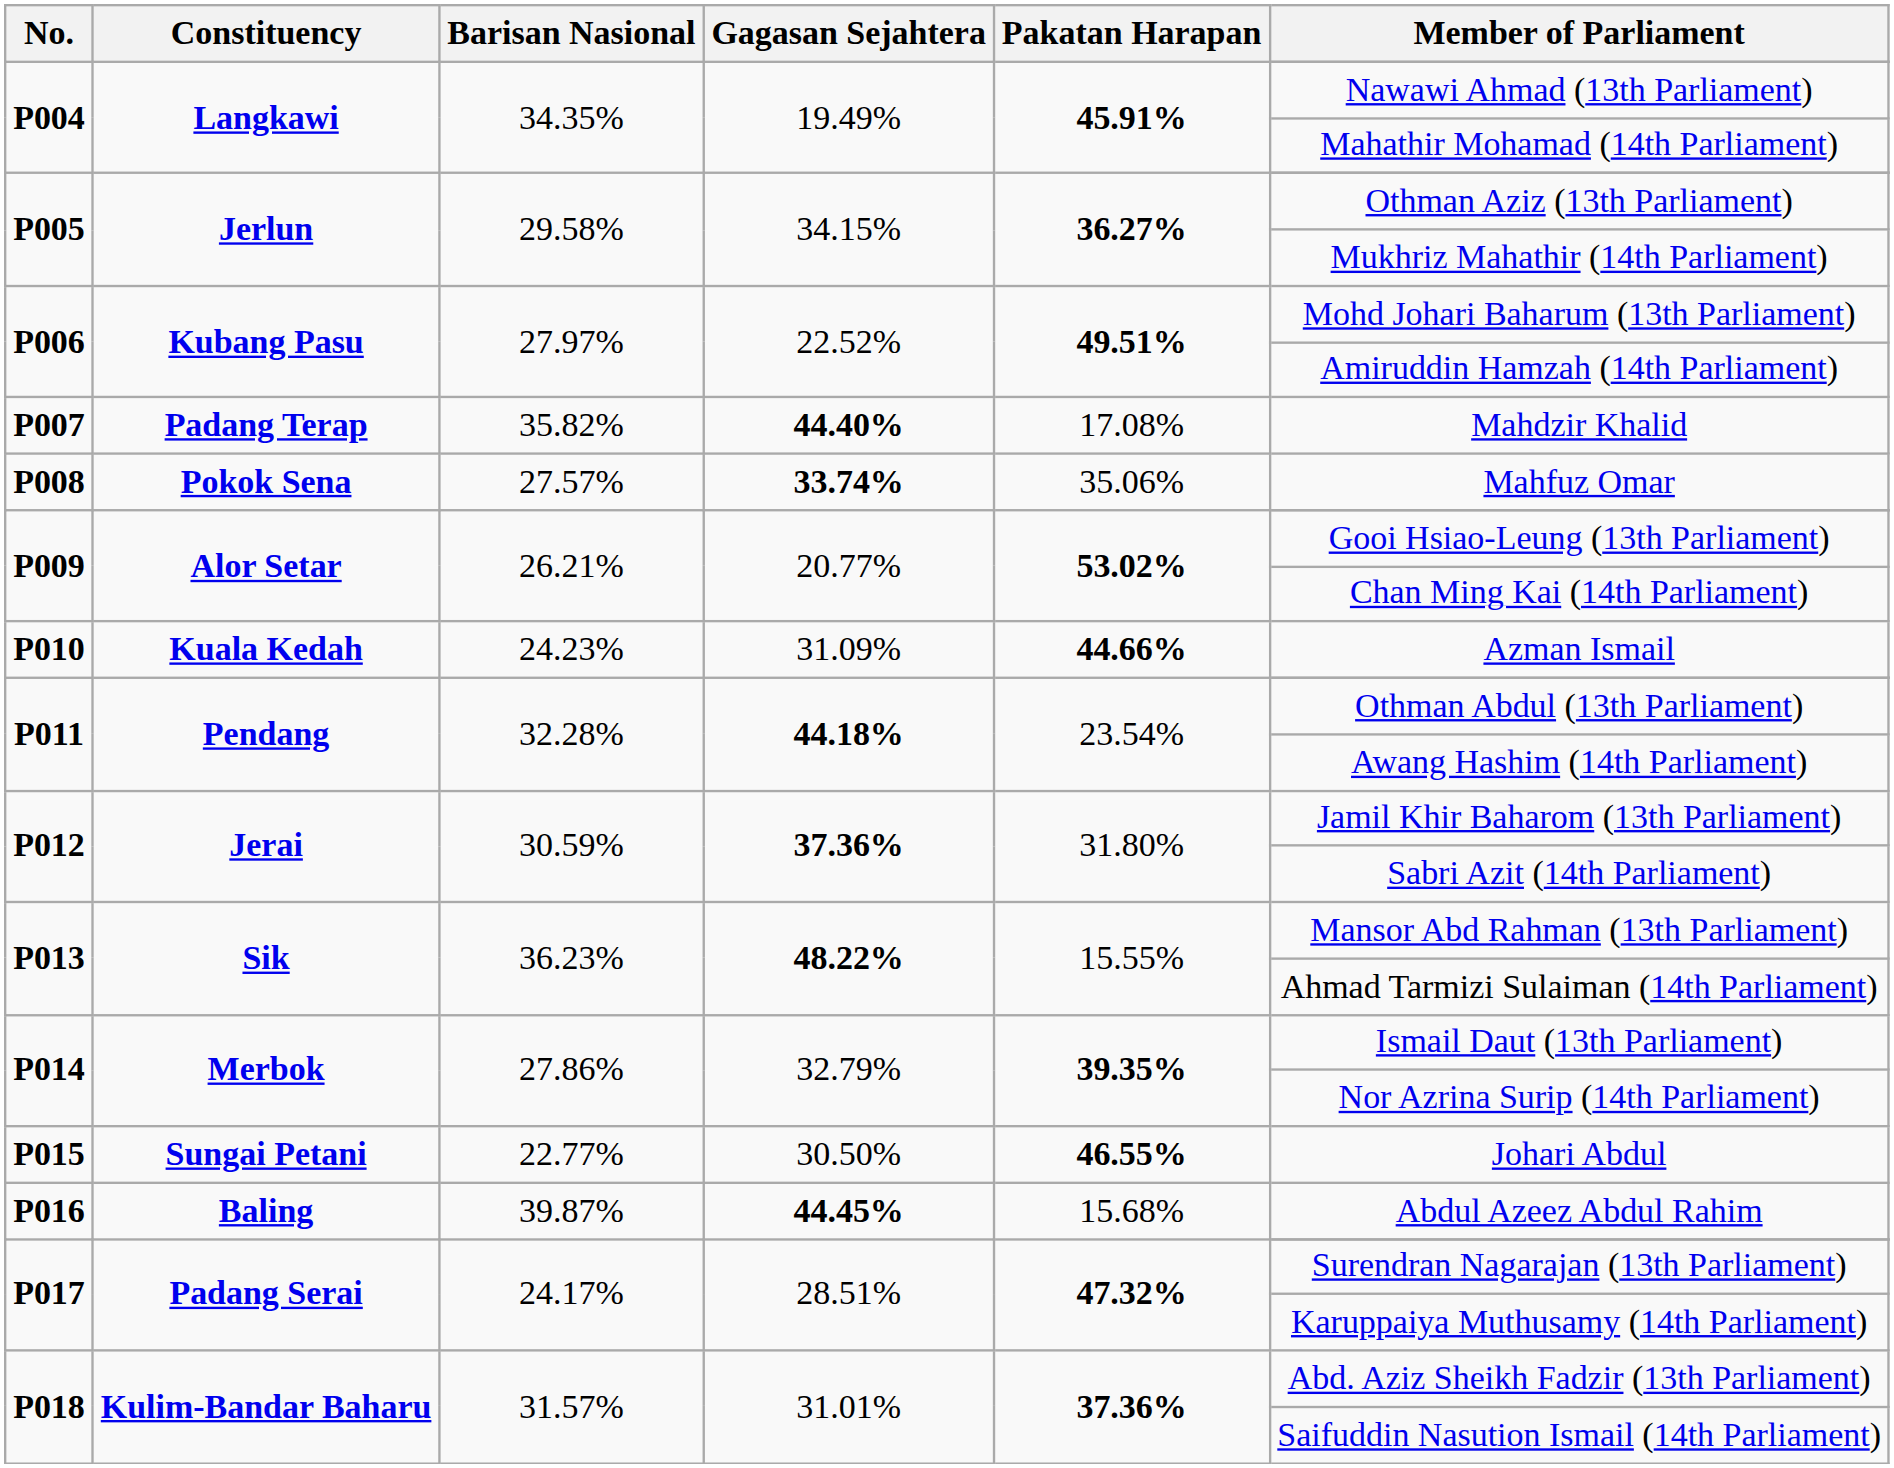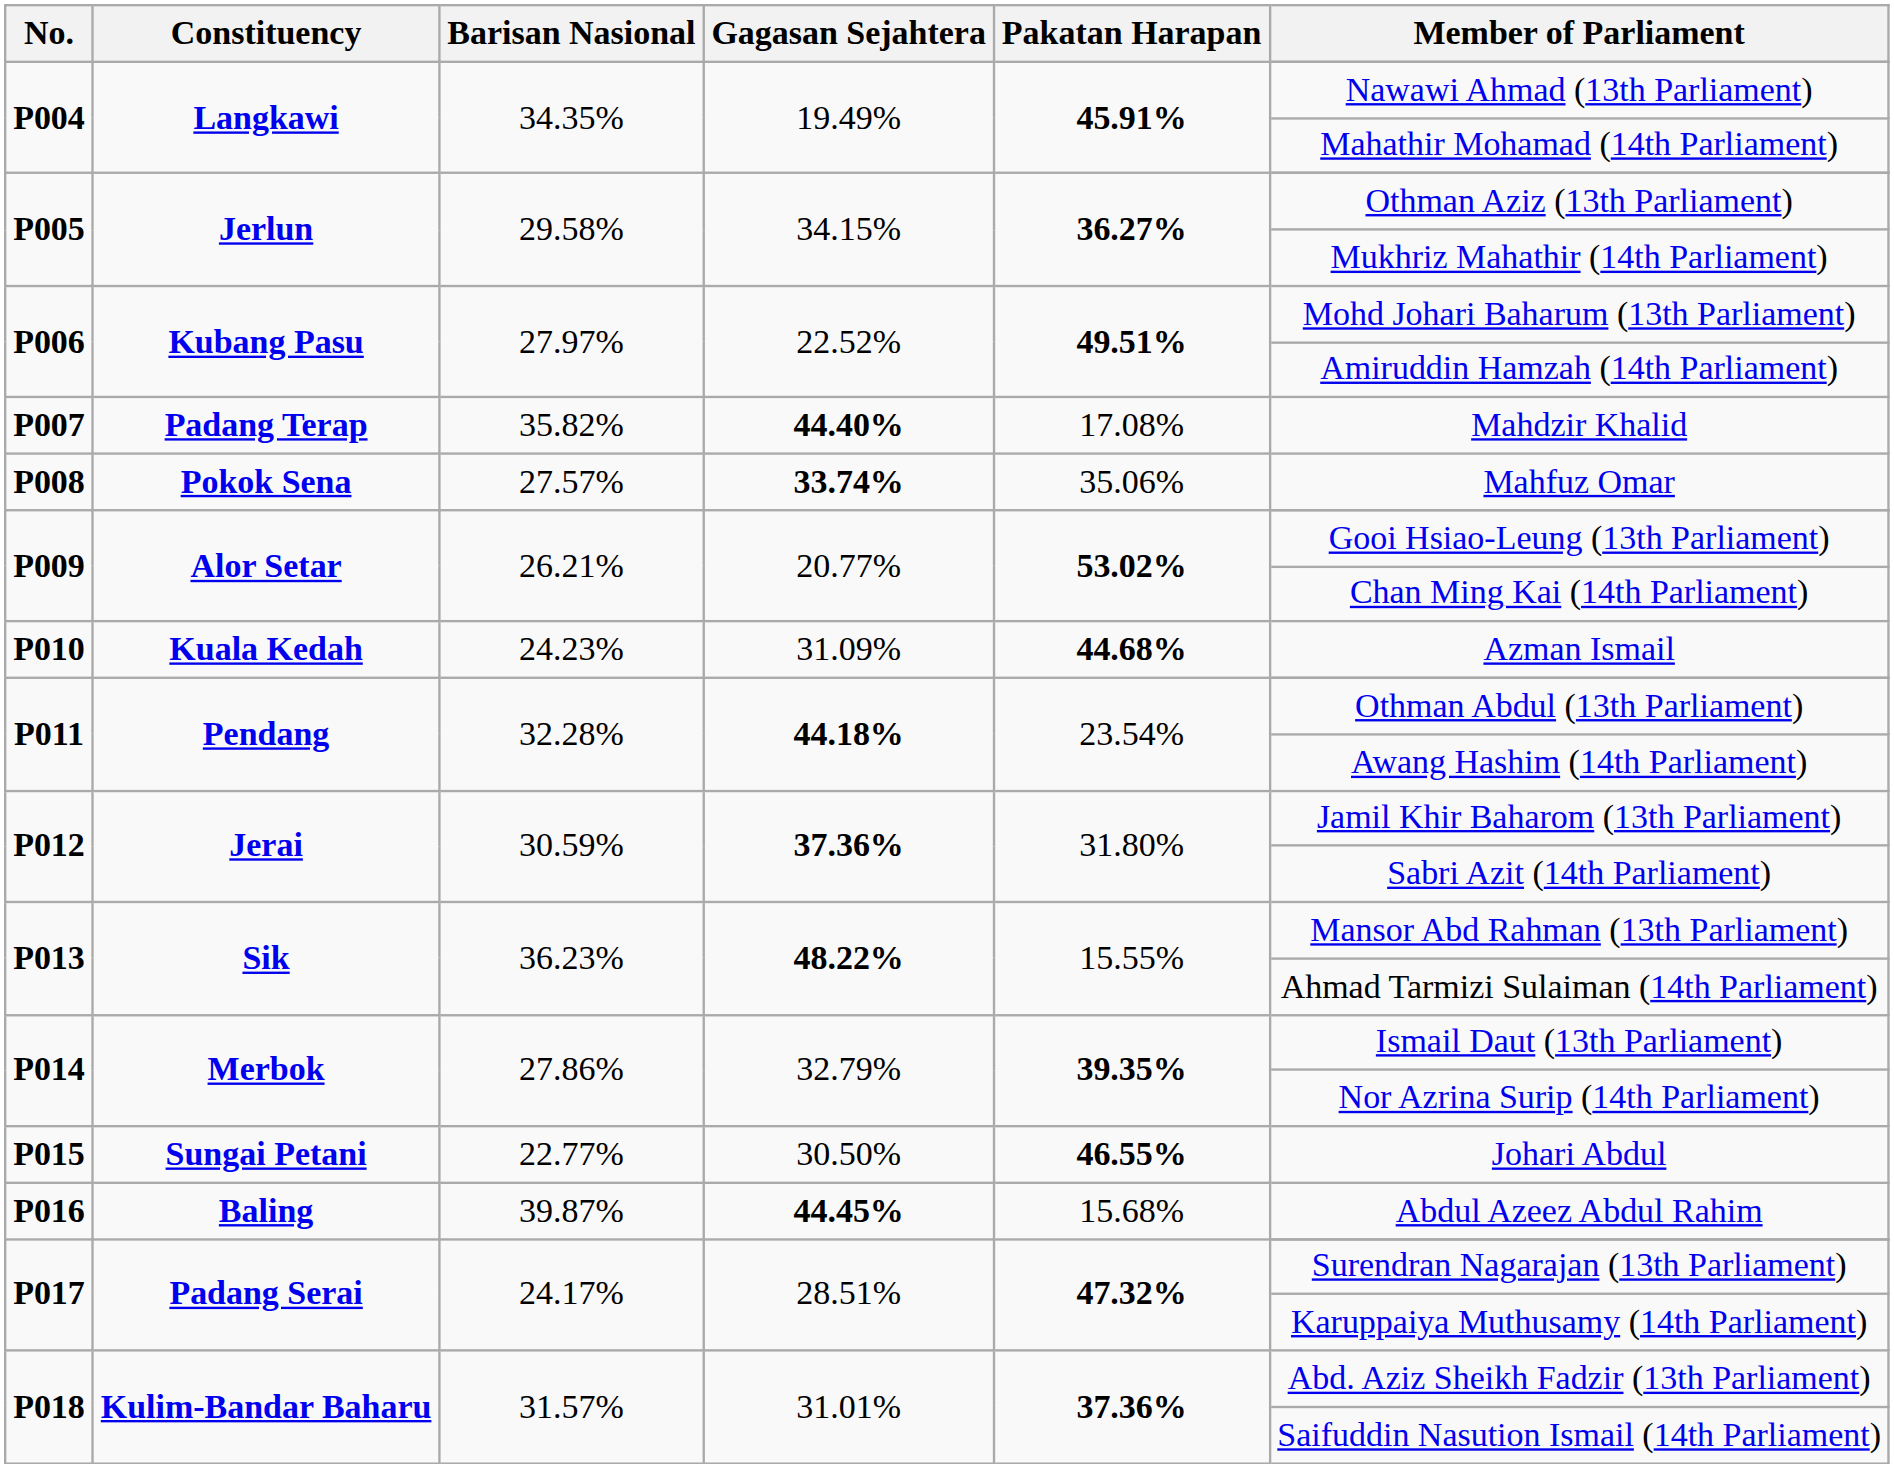 <table class="wikitable sortable" style="text-align:center; font-size:90%">
 <tr>
 <th>No.</th>
 <th>Constituency</th>
 <th>Barisan Nasional</th>
 <th>Gagasan Sejahtera</th>
 <th>Pakatan Harapan</th>
 <th>Member of Parliament</th>
 </tr>
 <tr align=center>
 <td rowspan=3><strong>P004</strong></td>
 <td rowspan=3><strong><a href='#'>Langkawi</a></strong></td>
 <td rowspan=3>34.35%</td>
 <td rowspan=3>19.49%</td>
 <td rowspan=3><strong>45.91%</strong></td>
 </tr>
 <tr align=center>
 <td><a href='#'>Nawawi Ahmad</a> (<a href='#'>13th Parliament</a>)</td>
 </tr>
 <tr align=center>
 <td><a href='#'>Mahathir Mohamad</a> (<a href='#'>14th Parliament</a>)</td>
 </tr>
 <tr align=center>
 <td rowspan=3><strong>P005</strong></td>
 <td rowspan=3><strong><a href='#'>Jerlun</a></strong></td>
 <td rowspan=3>29.58%</td>
 <td rowspan=3>34.15%</td>
 <td rowspan=3><strong>36.27%</strong></td>
 </tr>
 <tr align=center>
 <td><a href='#'>Othman Aziz</a> (<a href='#'>13th Parliament</a>)</td>
 </tr>
 <tr align=center>
 <td><a href='#'>Mukhriz Mahathir</a> (<a href='#'>14th Parliament</a>)</td>
 </tr>
 <tr align=center>
 <td rowspan=2><strong>P006</strong></td>
 <td rowspan=2><strong><a href='#'>Kubang Pasu</a></strong></td>
 <td rowspan=2>27.97%</td>
 <td rowspan=2>22.52%</td>
 <td rowspan=2><strong>49.51%</strong></td>
 <td><a href='#'>Mohd Johari Baharum</a> (<a href='#'>13th Parliament</a>)</td>
 </tr>
 <tr align=center>
 <td><a href='#'>Amiruddin Hamzah</a> (<a href='#'>14th Parliament</a>)</td>
 </tr>
 <tr align=center>
 <td><strong>P007</strong></td>
 <td><strong><a href='#'>Padang Terap</a></strong></td>
 <td>35.82%</td>
 <td><strong>44.40%</strong></td>
 <td>17.08%</td>
 <td><a href='#'>Mahdzir Khalid</a></td>
 </tr>
 <tr align=center>
 <td rowspan=1><strong>P008</strong></td>
 <td rowspan=1><strong><a href='#'>Pokok Sena</a></strong></td>
 <td rowspan=1>27.57%</td>
 <td rowspan=1><strong>33.74%</strong></td>
 <td rowspan=1>35.06%</td>
 <td><a href='#'>Mahfuz Omar</a></td>
 </tr>
 <tr align=center>
 <td rowspan=3><strong>P009</strong></td>
 <td rowspan=3><strong><a href='#'>Alor Setar</a></strong></td>
 <td rowspan=3>26.21%</td>
 <td rowspan=3>20.77%</td>
 <td rowspan=3><strong>53.02%</strong></td>
 </tr>
 <tr align=center>
 <td><a href='#'>Gooi Hsiao-Leung</a> (<a href='#'>13th Parliament</a>)</td>
 </tr>
 <tr align=center>
 <td><a href='#'>Chan Ming Kai</a> (<a href='#'>14th Parliament</a>)</td>
 </tr>
 <tr align=center>
 <td rowspan=1><strong>P010</strong></td>
 <td rowspan=1><strong><a href='#'>Kuala Kedah</a></strong></td>
 <td>24.23%</td>
 <td>31.09%</td>
-<td><strong>44.66%</strong></td>
+<td><strong>44.68%</strong></td>
 <td><a href='#'>Azman Ismail</a></td>
 </tr>
 <tr align=center>
 <td rowspan=3><strong>P011</strong></td>
 <td rowspan=3><strong><a href='#'>Pendang</a></strong></td>
 <td rowspan=3>32.28%</td>
 <td rowspan=3><strong>44.18%</strong></td>
 <td rowspan=3>23.54%</td>
 </tr>
 <tr align=center>
 <td><a href='#'>Othman Abdul</a> (<a href='#'>13th Parliament</a>)</td>
 </tr>
 <tr align=center>
 <td><a href='#'>Awang Hashim</a> (<a href='#'>14th Parliament</a>)</td>
 </tr>
 <tr align=center>
 <td rowspan=2><strong>P012</strong></td>
 <td rowspan=2><strong><a href='#'>Jerai</a></strong></td>
 <td rowspan=2>30.59%</td>
 <td rowspan=2><strong>37.36%</strong></td>
 <td rowspan=2>31.80%</td>
 <td><a href='#'>Jamil Khir Baharom</a> (<a href='#'>13th Parliament</a>)</td>
 </tr>
 <tr align=center>
 <td><a href='#'>Sabri Azit</a> (<a href='#'>14th Parliament</a>)</td>
 </tr>
 <tr align=center>
 <td rowspan=2><strong>P013</strong></td>
 <td rowspan=2><strong><a href='#'>Sik</a></strong></td>
 <td rowspan=2>36.23%</td>
 <td rowspan=2><strong>48.22%</strong></td>
 <td rowspan=2>15.55%</td>
 <td><a href='#'>Mansor Abd Rahman</a> (<a href='#'>13th Parliament</a>)</td>
 </tr>
 <tr align=center>
 <td>Ahmad Tarmizi Sulaiman (<a href='#'>14th Parliament</a>)</td>
 </tr>
 <tr align=center>
 <td rowspan=2><strong>P014</strong></td>
 <td rowspan=2><strong><a href='#'>Merbok</a></strong></td>
 <td rowspan=2>27.86%</td>
 <td rowspan=2>32.79%</td>
 <td rowspan=2><strong>39.35%</strong></td>
 <td><a href='#'>Ismail Daut</a> (<a href='#'>13th Parliament</a>)</td>
 </tr>
 <tr align=center>
 <td><a href='#'>Nor Azrina Surip</a> (<a href='#'>14th Parliament</a>)</td>
 </tr>
 <tr align=center>
 <td rowspan=1><strong>P015</strong></td>
 <td rowspan=1><strong><a href='#'>Sungai Petani</a></strong></td>
 <td>22.77%</td>
 <td>30.50%</td>
 <td><strong>46.55%</strong></td>
 <td><a href='#'>Johari Abdul</a></td>
 </tr>
 <tr align=center>
 <td><strong>P016</strong></td>
 <td><strong><a href='#'>Baling</a></strong></td>
 <td>39.87%</td>
 <td><strong>44.45%</strong></td>
 <td>15.68%</td>
 <td><a href='#'>Abdul Azeez Abdul Rahim</a></td>
 </tr>
 <tr align=center>
 <td rowspan=3><strong>P017</strong></td>
 <td rowspan=3><strong><a href='#'>Padang Serai</a></strong></td>
 <td rowspan=3>24.17%</td>
 <td rowspan=3>28.51%</td>
 <td rowspan=3><strong>47.32%</strong></td>
 </tr>
 <tr align=center>
 <td><a href='#'>Surendran Nagarajan</a> (<a href='#'>13th Parliament</a>)</td>
 </tr>
 <tr align=center>
 <td><a href='#'>Karuppaiya Muthusamy</a> (<a href='#'>14th Parliament</a>)</td>
 </tr>
 <tr align=center>
 <td rowspan=2><strong>P018</strong></td>
 <td rowspan=2><strong><a href='#'>Kulim-Bandar Baharu</a></strong></td>
 <td rowspan=2>31.57%</td>
 <td rowspan=2>31.01%</td>
 <td rowspan=2><strong>37.36%</strong></td>
 <td><a href='#'>Abd. Aziz Sheikh Fadzir</a> (<a href='#'>13th Parliament</a>)</td>
 </tr>
 <tr align=center>
 <td><a href='#'>Saifuddin Nasution Ismail</a> (<a href='#'>14th Parliament</a>)</td>
 </tr>
 </table>
